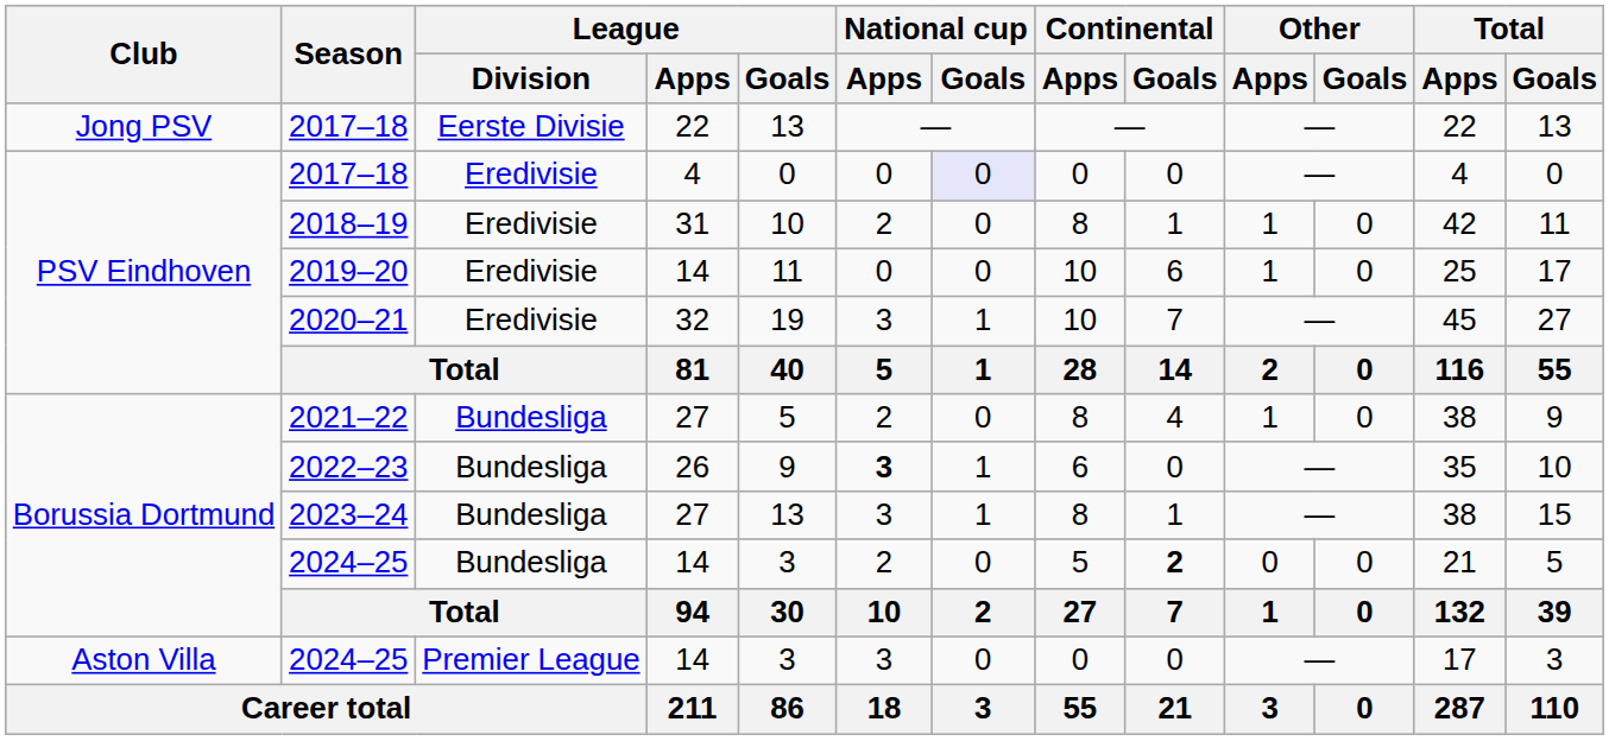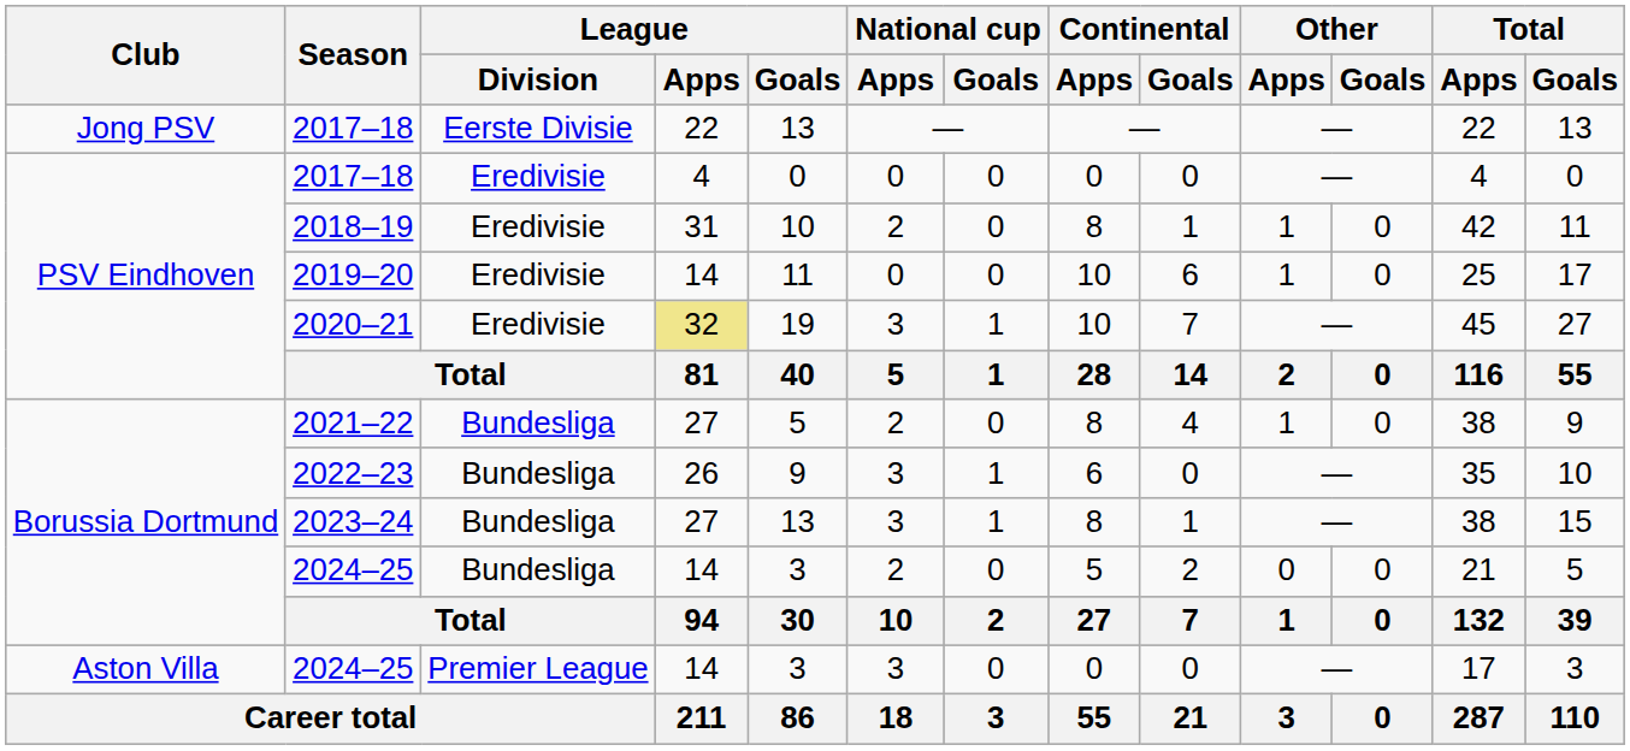 <table class="wikitable" style="text-align: center;">
 <tr>
 <th rowspan="2">Club</th>
 <th rowspan="2">Season</th>
 <th colspan="3">League</th>
 <th colspan="2">National cup</th>
 <th colspan="2">Continental</th>
 <th colspan="2">Other</th>
 <th colspan="2">Total</th>
 </tr>
 <tr>
 <th>Division</th>
 <th>Apps</th>
 <th>Goals</th>
 <th>Apps</th>
 <th>Goals</th>
 <th>Apps</th>
 <th>Goals</th>
 <th>Apps</th>
 <th>Goals</th>
 <th>Apps</th>
 <th>Goals</th>
 </tr>
 <tr>
 <td><a href='#'>Jong PSV</a></td>
 <td><a href='#'>2017–18</a></td>
 <td><a href='#'>Eerste Divisie</a></td>
 <td>22</td>
 <td>13</td>
 <td colspan="2">—</td>
 <td colspan="2">—</td>
 <td colspan="2">—</td>
 <td>22</td>
 <td>13</td>
 </tr>
 <tr>
 <td rowspan="5"><a href='#'>PSV Eindhoven</a></td>
 <td><a href='#'>2017–18</a></td>
 <td><a href='#'>Eredivisie</a></td>
 <td>4</td>
 <td>0</td>
 <td>0</td>
-<td style="background: lavender;">0</td>
+<td>0</td>
 <td>0</td>
 <td>0</td>
 <td colspan="2">—</td>
 <td>4</td>
 <td>0</td>
 </tr>
 <tr>
 <td><a href='#'>2018–19</a></td>
 <td>Eredivisie</td>
 <td>31</td>
 <td>10</td>
 <td>2</td>
 <td>0</td>
 <td>8</td>
 <td>1</td>
 <td>1</td>
 <td>0</td>
 <td>42</td>
 <td>11</td>
 </tr>
 <tr>
 <td><a href='#'>2019–20</a></td>
 <td>Eredivisie</td>
 <td>14</td>
 <td>11</td>
 <td>0</td>
 <td>0</td>
 <td>10</td>
 <td>6</td>
 <td>1</td>
 <td>0</td>
 <td>25</td>
 <td>17</td>
 </tr>
 <tr>
 <td><a href='#'>2020–21</a></td>
 <td>Eredivisie</td>
-<td>32</td>
+<td style="background: khaki;">32</td>
 <td>19</td>
 <td>3</td>
 <td>1</td>
 <td>10</td>
 <td>7</td>
 <td colspan="2">—</td>
 <td>45</td>
 <td>27</td>
 </tr>
 <tr>
 <th colspan="2">Total</th>
 <th>81</th>
 <th>40</th>
 <th>5</th>
 <th>1</th>
 <th>28</th>
 <th>14</th>
 <th>2</th>
 <th>0</th>
 <th>116</th>
 <th>55</th>
 </tr>
 <tr>
 <td rowspan="5"><a href='#'>Borussia Dortmund</a></td>
 <td><a href='#'>2021–22</a></td>
 <td><a href='#'>Bundesliga</a></td>
 <td>27</td>
 <td>5</td>
 <td>2</td>
 <td>0</td>
 <td>8</td>
 <td>4</td>
 <td>1</td>
 <td>0</td>
 <td>38</td>
 <td>9</td>
 </tr>
 <tr>
 <td><a href='#'>2022–23</a></td>
 <td>Bundesliga</td>
 <td>26</td>
 <td>9</td>
-<td><strong>3</strong></td>
+<td>3</td>
 <td>1</td>
 <td>6</td>
 <td>0</td>
 <td colspan="2">—</td>
 <td>35</td>
 <td>10</td>
 </tr>
 <tr>
 <td><a href='#'>2023–24</a></td>
 <td>Bundesliga</td>
 <td>27</td>
 <td>13</td>
 <td>3</td>
 <td>1</td>
 <td>8</td>
 <td>1</td>
 <td colspan="2">—</td>
 <td>38</td>
 <td>15</td>
 </tr>
 <tr>
 <td><a href='#'>2024–25</a></td>
 <td>Bundesliga</td>
 <td>14</td>
 <td>3</td>
 <td>2</td>
 <td>0</td>
 <td>5</td>
-<td><strong>2</strong></td>
+<td>2</td>
 <td>0</td>
 <td>0</td>
 <td>21</td>
 <td>5</td>
 </tr>
 <tr>
 <th colspan="2">Total</th>
 <th>94</th>
 <th>30</th>
 <th>10</th>
 <th>2</th>
 <th>27</th>
 <th>7</th>
 <th>1</th>
 <th>0</th>
 <th>132</th>
 <th>39</th>
 </tr>
 <tr>
 <td><a href='#'>Aston Villa</a></td>
 <td><a href='#'>2024–25</a></td>
 <td><a href='#'>Premier League</a></td>
 <td>14</td>
 <td>3</td>
 <td>3</td>
 <td>0</td>
 <td>0</td>
 <td>0</td>
 <td colspan="2">—</td>
 <td>17</td>
 <td>3</td>
 </tr>
 <tr>
 <th colspan="3">Career total</th>
 <th>211</th>
 <th>86</th>
 <th>18</th>
 <th>3</th>
 <th>55</th>
 <th>21</th>
 <th>3</th>
 <th>0</th>
 <th>287</th>
 <th>110</th>
 </tr>
 </table>
